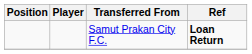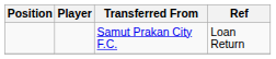 <table class="wikitable sortable" style="width:60%; text-align:center; font-size:100%; text-align:left;">
 <tr>
 <th><strong>Position</strong></th>
 <th><strong>Player</strong></th>
 <th><strong>Transferred From</strong></th>
 <th><strong>Ref</strong></th>
 </tr>
 <tr>
 <td></td>
 <td></td>
 <td> <a href='#'>Samut Prakan City F.C.</a></td>
-<td><strong>Loan Return</strong></td>
+<td>Loan Return</td>
 </tr>
 <tr>
 </tr>
 </table>
